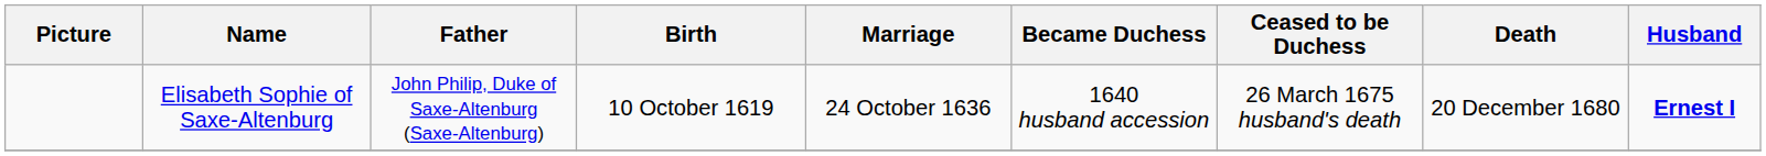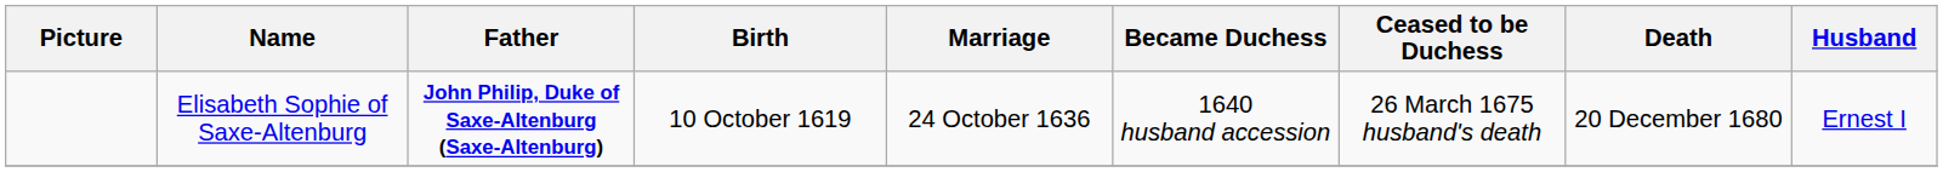 <table width=100% class="wikitable">
 <tr>
 <th width = "6%">Picture</th>
 <th width = "10%">Name</th>
 <th width = "9%">Father</th>
 <th width = "10%">Birth</th>
 <th width = "9%">Marriage</th>
 <th width = "9%">Became Duchess</th>
 <th width = "9%">Ceased to be Duchess</th>
 <th width = "9%">Death</th>
 <th width = "5%"><a href='#'>Husband</a></th>
 </tr>
 <tr>
 <td align="center"></td>
 <td align="center"><a href='#'>Elisabeth Sophie of Saxe-Altenburg</a></td>
-<td align="center"><small><a href='#'>John Philip, Duke of Saxe-Altenburg</a><br>(<a href='#'>Saxe-Altenburg</a>)</small></td>
+<td align="center"><strong><small><a href='#'>John Philip, Duke of Saxe-Altenburg</a><br>(<a href='#'>Saxe-Altenburg</a>)</small></strong></td>
 <td align="center">10 October 1619</td>
 <td align="center">24 October 1636</td>
 <td align="center">1640<br><em>husband accession</em></td>
 <td align="center">26 March 1675<br><em>husband's death</em></td>
 <td align="center">20 December 1680</td>
-<td align="center"><strong><a href='#'>Ernest I</a></strong></td>
+<td align="center"><a href='#'>Ernest I</a></td>
 </tr>
 <tr>
 </tr>
 </table>
